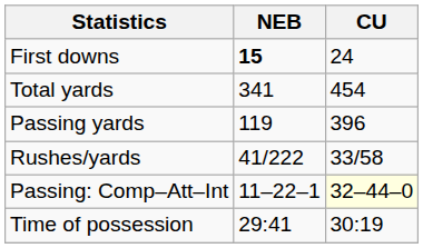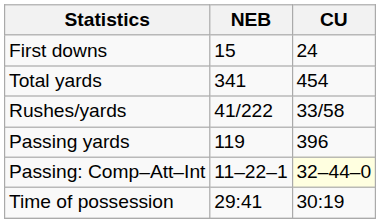 <table class="wikitable" style="float: left;">
 <tr>
 <th>Statistics</th>
 <th>NEB</th>
 <th>CU</th>
 </tr>
 <tr>
 <td>First downs</td>
-<td><strong>15</strong></td>
+<td>15</td>
 <td>24</td>
 </tr>
 <tr>
 <td>Total yards</td>
 <td>341</td>
 <td>454</td>
 </tr>
 <tr>
+<td>Rushes/yards</td>
+<td>41/222</td>
+<td>33/58</td>
+</tr>
+<tr>
 <td>Passing yards</td>
 <td>119</td>
 <td>396</td>
-</tr>
-<tr>
-<td>Rushes/yards</td>
-<td>41/222</td>
-<td>33/58</td>
 </tr>
 <tr>
 <td>Passing: Comp–Att–Int</td>
 <td>11–22–1</td>
 <td style="background: lightyellow;">32–44–0</td>
 </tr>
 <tr>
 <td>Time of possession</td>
 <td>29:41</td>
 <td>30:19</td>
 </tr>
 <tr>
 </tr>
 </table>
